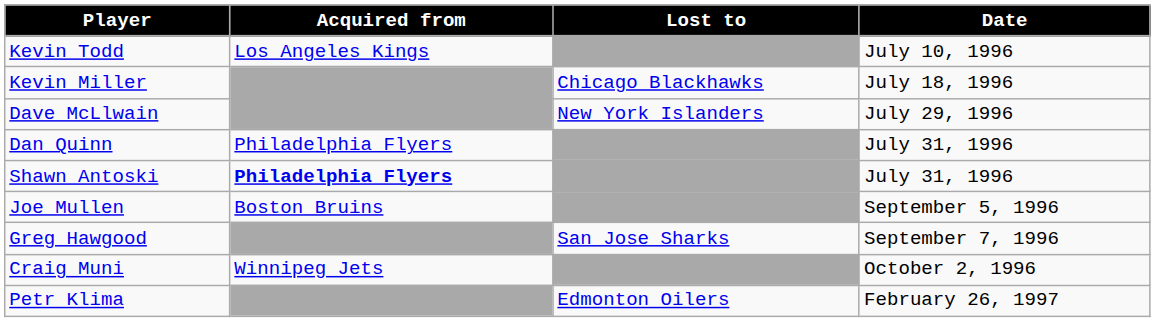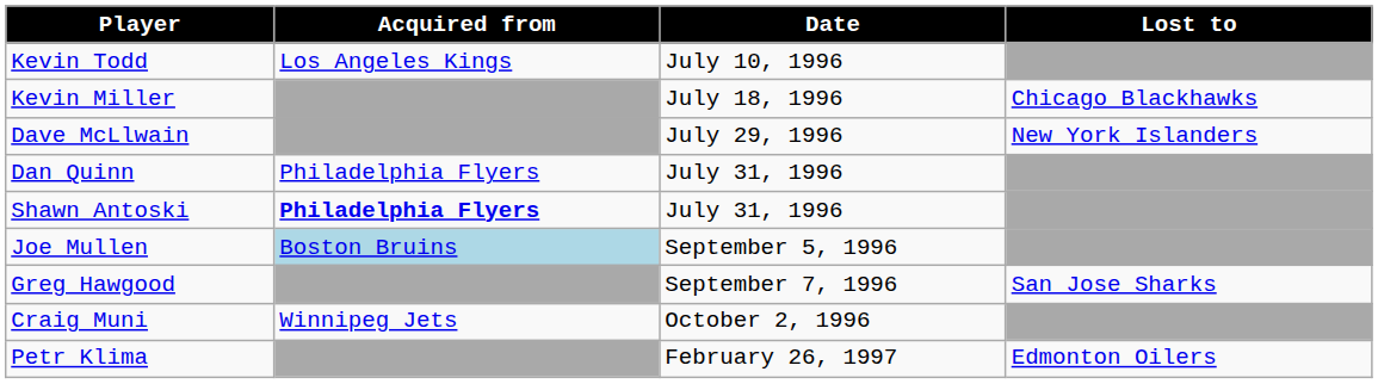 <table class="wikitable" style="width:60em">
 <tr style="text-align:center; background:#ddd;">
 <th style="color:white; background:#000000; ">Player</th>
 <th style="color:white; background:#000000; ">Acquired from</th>
+<th style="color:white; background:#000000; ">Date</th>
 <th style="color:white; background:#000000; ">Lost to</th>
-<th style="color:white; background:#000000; ">Date</th>
 </tr>
 <tr>
 <td><a href='#'>Kevin Todd</a></td>
 <td><a href='#'>Los Angeles Kings</a></td>
+<td>July 10, 1996</td>
 <td style="background:darkgray;"></td>
-<td>July 10, 1996</td>
 </tr>
 <tr>
 <td><a href='#'>Kevin Miller</a></td>
 <td style="background:darkgray;"></td>
+<td>July 18, 1996</td>
 <td><a href='#'>Chicago Blackhawks</a></td>
-<td>July 18, 1996</td>
 </tr>
 <tr>
 <td><a href='#'>Dave McLlwain</a></td>
 <td style="background:darkgray;"></td>
+<td>July 29, 1996</td>
 <td><a href='#'>New York Islanders</a></td>
-<td>July 29, 1996</td>
 </tr>
 <tr>
 <td><a href='#'>Dan Quinn</a></td>
 <td><a href='#'>Philadelphia Flyers</a></td>
+<td>July 31, 1996</td>
 <td style="background:darkgray;"></td>
-<td>July 31, 1996</td>
 </tr>
 <tr>
 <td><a href='#'>Shawn Antoski</a></td>
 <td><strong><a href='#'>Philadelphia Flyers</a></strong></td>
+<td>July 31, 1996</td>
 <td style="background:darkgray;"></td>
-<td>July 31, 1996</td>
 </tr>
 <tr>
 <td><a href='#'>Joe Mullen</a></td>
-<td><a href='#'>Boston Bruins</a></td>
+<td style="background: lightblue;"><a href='#'>Boston Bruins</a></td>
+<td>September 5, 1996</td>
 <td style="background:darkgray;"></td>
-<td>September 5, 1996</td>
 </tr>
 <tr>
 <td><a href='#'>Greg Hawgood</a></td>
 <td style="background:darkgray;"></td>
+<td>September 7, 1996</td>
 <td><a href='#'>San Jose Sharks</a></td>
-<td>September 7, 1996</td>
 </tr>
 <tr>
 <td><a href='#'>Craig Muni</a></td>
 <td><a href='#'>Winnipeg Jets</a></td>
+<td>October 2, 1996</td>
 <td style="background:darkgray;"></td>
-<td>October 2, 1996</td>
 </tr>
 <tr>
 <td><a href='#'>Petr Klima</a></td>
 <td style="background:darkgray;"></td>
+<td>February 26, 1997</td>
 <td><a href='#'>Edmonton Oilers</a></td>
-<td>February 26, 1997</td>
 </tr>
 </table>
